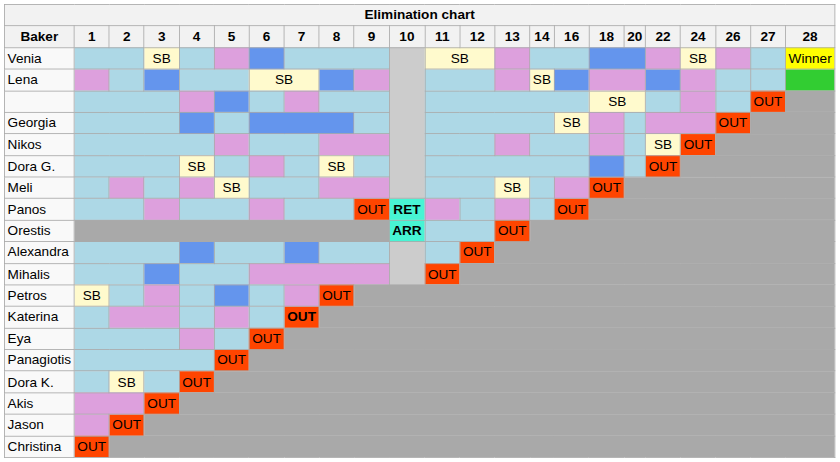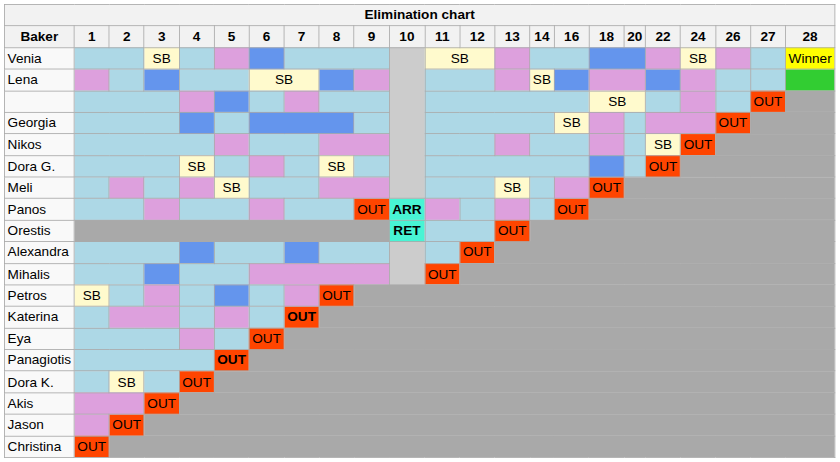 <table class="wikitable" style="text-align:center">
 <tr>
 <th ! colspan="23">Elimination chart</th>
 </tr>
 <tr 7373>
 <th>Baker</th>
 <th>1</th>
 <th>2</th>
 <th>3</th>
 <th>4</th>
 <th>5</th>
 <th>6</th>
 <th>7</th>
 <th>8</th>
 <th>9</th>
 <th>10</th>
 <th>11</th>
 <th>12</th>
 <th>13</th>
 <th>14</th>
 <th>16</th>
 <th>18</th>
 <th>20</th>
 <th>22</th>
 <th>24</th>
 <th>26</th>
 <th>27</th>
 <th>28</th>
 </tr>
 <tr>
 <td align="left">Venia</td>
 <td colspan="2" style="background:Lightblue;"></td>
 <td style="background:LemonChiffon;">SB</td>
 <td style="background:Lightblue;"></td>
 <td style="background:Plum;"></td>
 <td style="background:Cornflowerblue;”"></td>
 <td colspan=3 style="background:Lightblue;"></td>
 <td bgcolor=CCCCCC rowspan=7></td>
 <td colspan=2 style="background:LemonChiffon;">SB</td>
 <td style="background:Plum;"></td>
 <td colspan=2 style="background:Lightblue;"></td>
 <td colspan=2 style="background:Cornflowerblue;”"></td>
 <td style="background:Plum;"></td>
 <td style="background:LemonChiffon;">SB</td>
 <td style="background:Plum;"></td>
 <td style="background:Lightblue;"></td>
 <td style="background:Yellow">Winner</td>
 </tr>
 <tr>
 <td align="left">Lena</td>
 <td style="background:Plum;"></td>
 <td style="background:Lightblue;"></td>
 <td style="background:Cornflowerblue;”"></td>
 <td colspan=2 style="background:Lightblue;"></td>
 <td colspan=2 style="background:LemonChiffon;">SB</td>
 <td style="background:Cornflowerblue;”"></td>
 <td style="background:Plum;"></td>
 <td colspan=2 style="background:Lightblue;"></td>
 <td style="background:Plum;"></td>
 <td style="background:LemonChiffon;">SB</td>
 <td style="background:Cornflowerblue;”"></td>
 <td colspan=2 style="background:Plum;"></td>
 <td style="background:Cornflowerblue;”"></td>
 <td style="background:Plum;"></td>
 <td style="background:Lightblue;"></td>
 <td style="background:Lightblue;"></td>
 <td style="background:LimeGreen"></td>
 </tr>
 <tr>
 <td align="left"></td>
 <td colspan="3" style="background:Lightblue;"></td>
 <td style="background:Plum;"></td>
 <td style="background:Cornflowerblue;”"></td>
 <td style="background:Lightblue;"></td>
 <td style="background:Plum;"></td>
 <td colspan=2 style="background:Lightblue;"></td>
 <td colspan=5 style="background:Lightblue;"></td>
 <td colspan=2 style="background:LemonChiffon;">SB</td>
 <td style="background:Lightblue;"></td>
 <td style="background:Plum;"></td>
 <td style="background:Lightblue;"></td>
 <td style="background:orangered;">OUT</td>
 <td colspan="25" style="background:darkgrey;"></td>
 </tr>
 <tr>
 <td align="left">Georgia</td>
 <td colspan="3" style="background:Lightblue;"></td>
 <td style="background:Cornflowerblue;”"></td>
 <td style="background:Lightblue;"></td>
 <td colspan=3 style="background:Cornflowerblue;”"></td>
 <td style="background:Lightblue;"></td>
 <td colspan=4 style="background:Lightblue;"></td>
 <td style="background:LemonChiffon;">SB</td>
 <td style="background:Plum;"></td>
 <td style="background:Lightblue;"></td>
 <td colspan=2 style="background:Plum;"></td>
 <td style="background:orangered;">OUT</td>
 <td colspan="25" style="background:darkgrey;"></td>
 </tr>
 <tr>
 <td align="left">Nikos</td>
 <td colspan="4" style="background:Lightblue;"></td>
 <td style="background:Plum;"></td>
 <td colspan=2 style="background:Lightblue;"></td>
 <td colspan=2 style="background:Plum;"></td>
 <td colspan=2 style="background:Lightblue;"></td>
 <td style="background:Plum;"></td>
 <td colspan=2 style="background:Lightblue;"></td>
 <td style="background:Plum;"></td>
 <td style="background:Lightblue;"></td>
 <td style="background:LemonChiffon;">SB</td>
 <td style="background:orangered;">OUT</td>
 <td colspan="25" style="background:darkgrey;"></td>
 </tr>
 <tr>
 <td align="left">Dora G.</td>
 <td colspan="3" style="background:Lightblue;"></td>
 <td style="background:LemonChiffon;">SB</td>
 <td style="background:Lightblue;"></td>
 <td style="background:Plum;"></td>
 <td style="background:Lightblue;"></td>
 <td style="background:LemonChiffon;">SB</td>
 <td style="background:Lightblue;"></td>
 <td colspan=5 style="background:Lightblue;"></td>
 <td style="background:Cornflowerblue;”"></td>
 <td style="background:Lightblue;"></td>
 <td style="background:orangered;">OUT</td>
 <td colspan="25" style="background:darkgrey;"></td>
 </tr>
 <tr>
 <td align="left">Meli</td>
 <td style="background:Lightblue;"></td>
 <td style="background:Plum;"></td>
 <td style="background:Lightblue;"></td>
 <td style="background:Plum;"></td>
 <td style="background:LemonChiffon;">SB</td>
 <td colspan=2 style="background:Lightblue;"></td>
 <td colspan=2 style="background:Plum;"></td>
 <td colspan=2 style="background:Lightblue;"></td>
 <td style="background:LemonChiffon;">SB</td>
 <td style="background:Lightblue;"></td>
 <td style="background:Plum;"></td>
 <td style="background:orangered;">OUT</td>
 <td colspan="25" style="background:darkgrey;"></td>
 </tr>
 <tr>
 <td align="left">Panos</td>
 <td colspan="2" style="background:Lightblue;"></td>
 <td style="background:Plum;"></td>
 <td colspan=2 style="background:Lightblue;"></td>
 <td style="background:Plum;"></td>
 <td colspan=2 style="background:Lightblue;"></td>
 <td style="background:orangered;">OUT</td>
-<td bgcolor=48F4D4><strong>RET</strong></td>
+<td bgcolor=48F4D4><strong>ARR</strong></td>
 <td style="background:Plum;"></td>
 <td style="background:Lightblue;"></td>
 <td style="background:Plum;"></td>
 <td style="background:Lightblue;"></td>
 <td style="background:orangered;">OUT</td>
 <td colspan="25" style="background:darkgrey;"></td>
 </tr>
 <tr>
 <td align="left">Orestis</td>
 <td colspan="9" style="background:darkgrey;"></td>
-<td bgcolor=48F4D4><strong>ARR</strong></td>
+<td bgcolor=48F4D4><strong>RET</strong></td>
 <td colspan=2 style="background:Lightblue;"></td>
 <td style="background:orangered;">OUT</td>
 <td colspan="25" style="background:darkgrey;"></td>
 </tr>
 <tr>
 <td align="left">Alexandra</td>
 <td colspan="3" style="background:Lightblue;"></td>
 <td style="background:Cornflowerblue;”"></td>
 <td colspan=2 style="background:Lightblue;"></td>
 <td style="background:Cornflowerblue;”"></td>
 <td colspan=2 style="background:Lightblue;"></td>
 <td bgcolor=CCCCCC rowspan=2></td>
 <td style="background:Lightblue;"></td>
 <td style="background:orangered;">OUT</td>
 <td colspan="25" style="background:darkgrey;"></td>
 </tr>
 <tr>
 <td align="left">Mihalis</td>
 <td colspan="2" style="background:Lightblue;"></td>
 <td style="background:Cornflowerblue;”"></td>
 <td colspan=2 style="background:Lightblue;"></td>
 <td colspan=4 style="background:Plum;"></td>
 <td style="background:orangered;">OUT</td>
 <td colspan="25" style="background:darkgrey;"></td>
 </tr>
 <tr>
 <td align="left">Petros</td>
 <td style="background:LemonChiffon;">SB</td>
 <td style="background:Lightblue;"></td>
 <td style="background:Plum;"></td>
 <td style="background:Lightblue;"></td>
 <td style="background:Cornflowerblue;”"></td>
 <td style="background:Lightblue;"></td>
 <td style="background:Plum;"></td>
 <td style="background:orangered;">OUT</td>
 <td colspan="25" style="background:darkgrey;"></td>
 </tr>
 <tr>
 <td align="left">Katerina</td>
 <td style="background:Lightblue;"></td>
 <td colspan="2" style="background:Plum;"></td>
 <td style="background:Lightblue;"></td>
 <td style="background:Plum;"></td>
 <td style="background:Lightblue;"></td>
 <td style="background:orangered;"><strong>OUT</strong></td>
 <td colspan="25" style="background:darkgrey;"></td>
 </tr>
 <tr>
 <td align="left">Eya</td>
 <td colspan="3" style="background:Lightblue;"></td>
 <td style="background:Plum;"></td>
 <td style="background:Lightblue;"></td>
 <td style="background:orangered;">OUT</td>
 <td colspan="25" style="background:darkgrey;"></td>
 </tr>
 <tr>
 <td align="left">Panagiotis</td>
 <td colspan="4" style="background:Lightblue;"></td>
-<td style="background:orangered;">OUT</td>
+<td style="background:orangered;"><strong>OUT</strong></td>
 <td colspan="25" style="background:darkgrey;"></td>
 </tr>
 <tr>
 <td align="left">Dora K.</td>
 <td style="background:Lightblue;"></td>
 <td style="background:LemonChiffon;">SB</td>
 <td style="background:Lightblue;"></td>
 <td style="background:orangered;">OUT</td>
 <td colspan="25" style="background:darkgrey;"></td>
 </tr>
 <tr>
 <td align="left">Akis</td>
 <td colspan="2" style="background:Plum;"></td>
 <td style="background:orangered;">OUT</td>
 <td colspan="25" style="background:darkgrey;"></td>
 </tr>
 <tr>
 <td align="left">Jason</td>
 <td style="background:Plum;"></td>
 <td style="background:orangered;">OUT</td>
 <td colspan="25" style="background:darkgrey;"></td>
 </tr>
 <tr>
 <td align="left">Christina</td>
 <td style="background:orangered;">OUT</td>
 <td colspan="25" style="background:darkgrey;"></td>
 </tr>
 </table>
